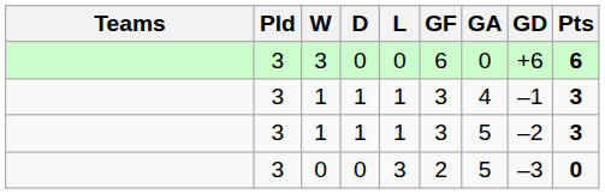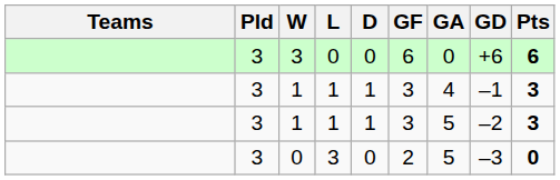 <table class="wikitable" style="text-align: center;">
 <tr>
 <th width=165>Teams</th>
 <th width=20>Pld</th>
 <th width=20>W</th>
+<th width=20>L</th>
 <th width=20>D</th>
-<th width=20>L</th>
 <th width=20>GF</th>
 <th width=20>GA</th>
 <th width=20>GD</th>
 <th width=20>Pts</th>
 </tr>
 <tr align=center style="background:#ccffcc;">
 <td style="text-align:left;"></td>
 <td>3</td>
 <td>3</td>
 <td>0</td>
 <td>0</td>
 <td>6</td>
 <td>0</td>
 <td>+6</td>
 <td><strong>6</strong></td>
 </tr>
 <tr align=center>
 <td style="text-align:left;"></td>
 <td>3</td>
 <td>1</td>
 <td>1</td>
 <td>1</td>
 <td>3</td>
 <td>4</td>
 <td>–1</td>
 <td><strong>3</strong></td>
 </tr>
 <tr align=center>
 <td style="text-align:left;"></td>
 <td>3</td>
 <td>1</td>
 <td>1</td>
 <td>1</td>
 <td>3</td>
 <td>5</td>
 <td>–2</td>
 <td><strong>3</strong></td>
 </tr>
 <tr align=center>
 <td style="text-align:left;"></td>
 <td>3</td>
 <td>0</td>
+<td>3</td>
 <td>0</td>
-<td>3</td>
 <td>2</td>
 <td>5</td>
 <td>–3</td>
 <td><strong>0</strong></td>
 </tr>
 </table>
